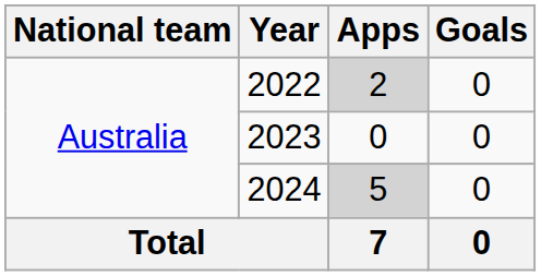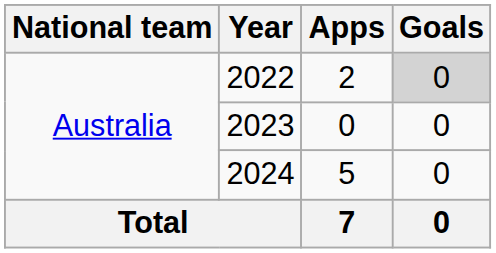 <table class="wikitable" style="text-align:center">
 <tr>
 <th>National team</th>
 <th>Year</th>
 <th>Apps</th>
 <th>Goals</th>
 </tr>
 <tr>
 <td rowspan="3"><a href='#'>Australia</a></td>
 <td>2022</td>
-<td style="background: lightgrey;">2</td>
-<td>0</td>
+<td>2</td>
+<td style="background: lightgrey;">0</td>
 </tr>
 <tr>
 <td>2023</td>
 <td>0</td>
 <td>0</td>
 </tr>
 <tr>
 <td>2024</td>
-<td style="background: lightgrey;">5</td>
+<td>5</td>
 <td>0</td>
 </tr>
 <tr>
 <th colspan="2">Total</th>
 <th>7</th>
 <th>0</th>
 </tr>
 </table>
